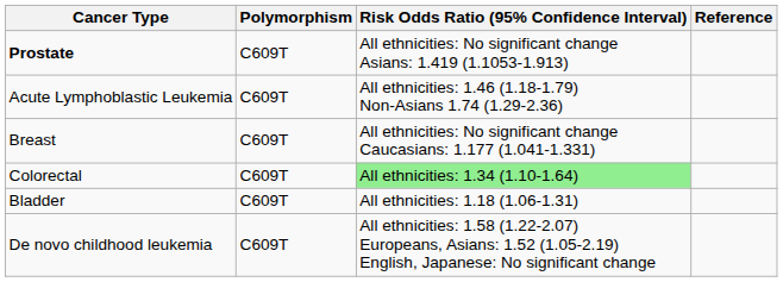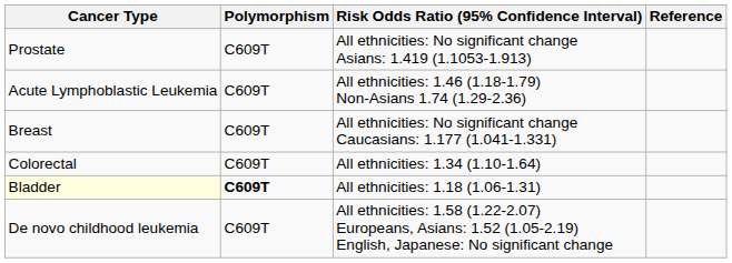 <table class="wikitable">
 <tr>
 <th>Cancer Type</th>
 <th>Polymorphism</th>
 <th>Risk Odds Ratio (95% Confidence Interval)</th>
 <th>Reference</th>
 </tr>
 <tr>
-<td><strong>Prostate</strong></td>
+<td>Prostate</td>
 <td>C609T</td>
 <td>All ethnicities: No significant change<br>Asians: 1.419 (1.1053-1.913)</td>
 <td></td>
 </tr>
 <tr>
 <td>Acute Lymphoblastic Leukemia</td>
 <td>C609T</td>
 <td>All ethnicities: 1.46 (1.18-1.79)<br>Non-Asians 1.74 (1.29-2.36)</td>
 <td></td>
 </tr>
 <tr>
 <td>Breast</td>
 <td>C609T</td>
 <td>All ethnicities: No significant change<br>Caucasians: 1.177 (1.041-1.331)</td>
 <td></td>
 </tr>
 <tr>
 <td>Colorectal</td>
 <td>C609T</td>
-<td style="background: lightgreen;">All ethnicities: 1.34 (1.10-1.64)</td>
+<td>All ethnicities: 1.34 (1.10-1.64)</td>
 <td></td>
 </tr>
 <tr>
-<td>Bladder</td>
-<td>C609T</td>
+<td style="background: lightyellow;">Bladder</td>
+<td><strong>C609T</strong></td>
 <td>All ethnicities: 1.18 (1.06-1.31)</td>
 <td></td>
 </tr>
 <tr>
 <td>De novo childhood leukemia</td>
 <td>C609T</td>
 <td>All ethnicities: 1.58 (1.22-2.07)<br>Europeans, Asians: 1.52 (1.05-2.19) <br> English, Japanese: No significant change</td>
 <td></td>
 </tr>
 </table>
